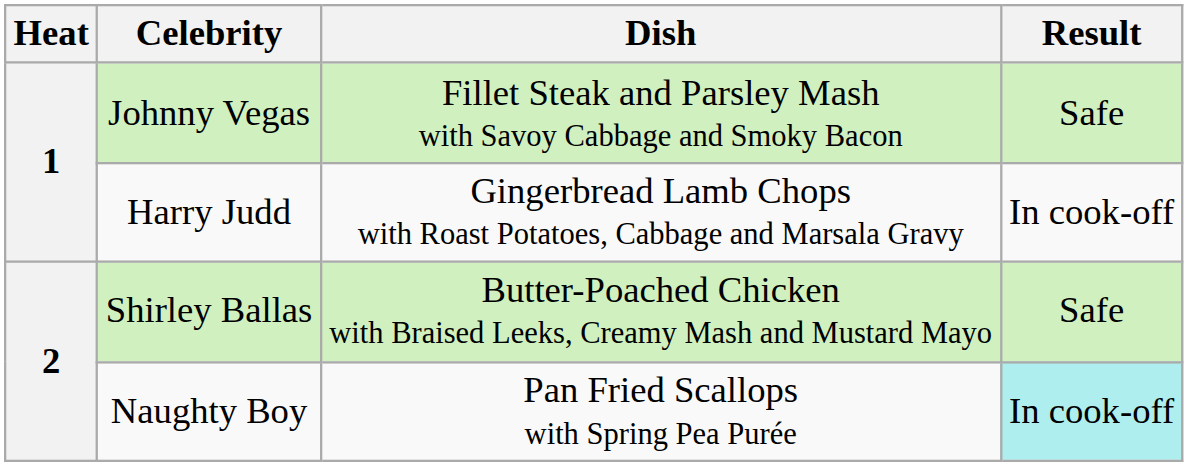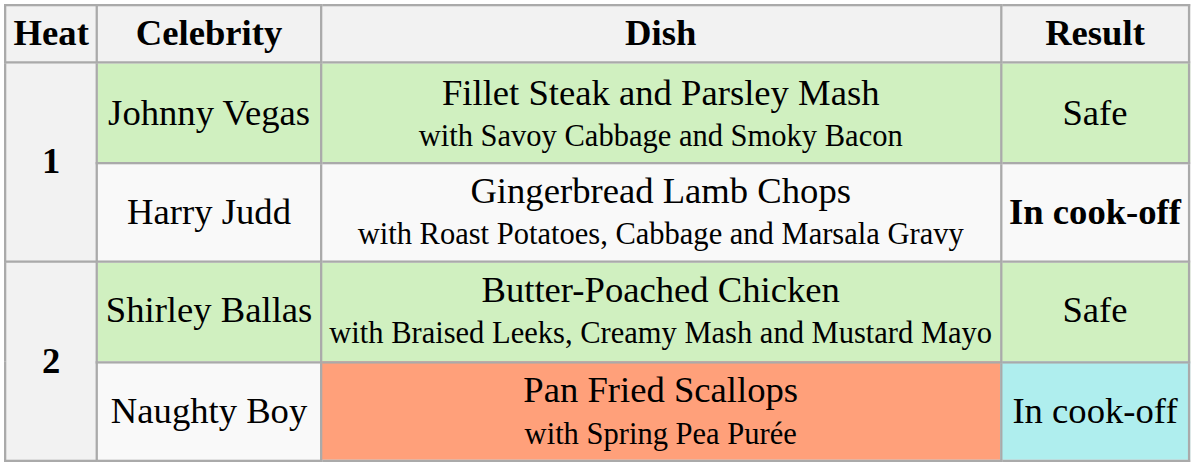 <table class="wikitable" style="text-align:center;">
 <tr>
 <th>Heat</th>
 <th>Celebrity</th>
 <th>Dish</th>
 <th>Result</th>
 </tr>
 <tr>
 <th rowspan="2">1</th>
 <td style="background:#d0f0c0;">Johnny Vegas</td>
 <td style="background:#d0f0c0;">Fillet Steak and Parsley Mash<br><small>with Savoy Cabbage and Smoky Bacon</small></td>
 <td style="background:#d0f0c0;">Safe</td>
 </tr>
 <tr>
 <td>Harry Judd</td>
 <td>Gingerbread Lamb Chops<br><small>with Roast Potatoes, Cabbage and Marsala Gravy</small></td>
-<td>In cook-off</td>
+<td><strong>In cook-off</strong></td>
 </tr>
 <tr>
 <th rowspan="2">2</th>
 <td style="background:#d0f0c0;">Shirley Ballas</td>
 <td style="background:#d0f0c0;">Butter-Poached Chicken<br><small>with Braised Leeks, Creamy Mash and Mustard Mayo</small></td>
 <td style="background:#d0f0c0;">Safe</td>
 </tr>
 <tr>
 <td>Naughty Boy</td>
-<td>Pan Fried Scallops<br><small>with Spring Pea Purée</small></td>
+<td style="background: lightsalmon;">Pan Fried Scallops<br><small>with Spring Pea Purée</small></td>
 <td style="background: paleturquoise;">In cook-off</td>
 </tr>
 </table>
